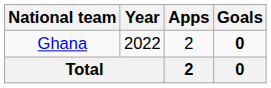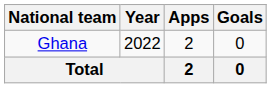 <table class="wikitable" style="text-align: center;">
 <tr>
 <th>National team</th>
 <th>Year</th>
 <th>Apps</th>
 <th>Goals</th>
 </tr>
 <tr>
 <td rowspan="1"><a href='#'>Ghana</a></td>
 <td>2022</td>
 <td>2</td>
-<td><strong>0</strong></td>
+<td>0</td>
 </tr>
 <tr>
 <th colspan=2>Total</th>
 <th>2</th>
 <th>0</th>
 </tr>
 </table>
